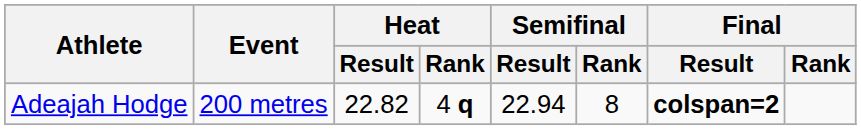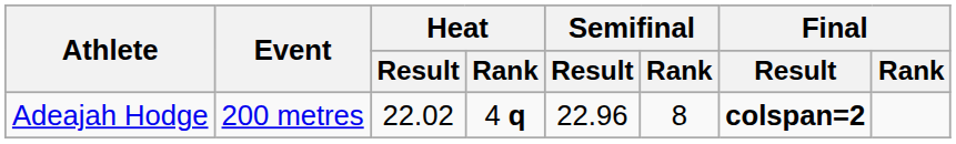 <table class="wikitable" style="font-size:90%">
 <tr>
 <th rowspan="2">Athlete</th>
 <th rowspan="2">Event</th>
 <th colspan="2">Heat</th>
 <th colspan="2">Semifinal</th>
 <th colspan="2">Final</th>
 </tr>
 <tr style="font-size:95%">
 <th>Result</th>
 <th>Rank</th>
 <th>Result</th>
 <th>Rank</th>
 <th>Result</th>
 <th>Rank</th>
 </tr>
 <tr style=text-align:center>
 <td style=text-align:left><a href='#'>Adeajah Hodge</a></td>
 <td style=text-align:left><a href='#'>200 metres</a></td>
-<td>22.82</td>
+<td>22.02</td>
 <td>4 <strong>q</strong></td>
-<td>22.94</td>
+<td>22.96</td>
 <td>8</td>
 <td><strong>colspan=2 </strong></td>
 </tr>
 </table>
